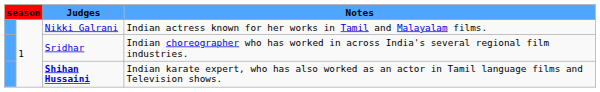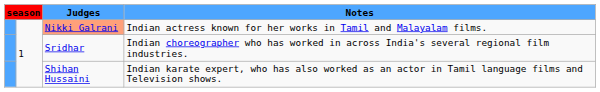 <table class="wikitable" width="65%">
 <tr>
 <th scope="col" style ="background: #FF0000;"style="background: #FF0000 ;color:white"  colspan="2">season</th>
 <th scope="col" style ="background: #4da6ff;"style="background: #FF0000 ;color:white">Judges</th>
 <th scope="col" style ="background: #4da6ff;"style="background: #FF0000 ;color:white">Notes</th>
 </tr>
 <tr>
 <td style="background: #4da6ff"></td>
 <td rowspan="3">1</td>
-<td><a href='#'>Nikki Galrani</a></td>
+<td style="background: lightsalmon;"><a href='#'>Nikki Galrani</a></td>
 <td>Indian actress known for her works in <a href='#'>Tamil</a> and <a href='#'>Malayalam</a> films.</td>
 </tr>
 <tr>
 <td style="background: #4da6ff"></td>
 <td><a href='#'>Sridhar</a></td>
 <td>Indian <a href='#'>choreographer</a> who has worked in across India's several regional film industries.</td>
 </tr>
 <tr>
 <td style="background: #4da6ff"></td>
-<td><strong><a href='#'>Shihan Hussaini</a></strong></td>
+<td><a href='#'>Shihan Hussaini</a></td>
 <td>Indian karate expert, who has also worked as an actor in Tamil language films and Television shows.</td>
 </tr>
 </table>
